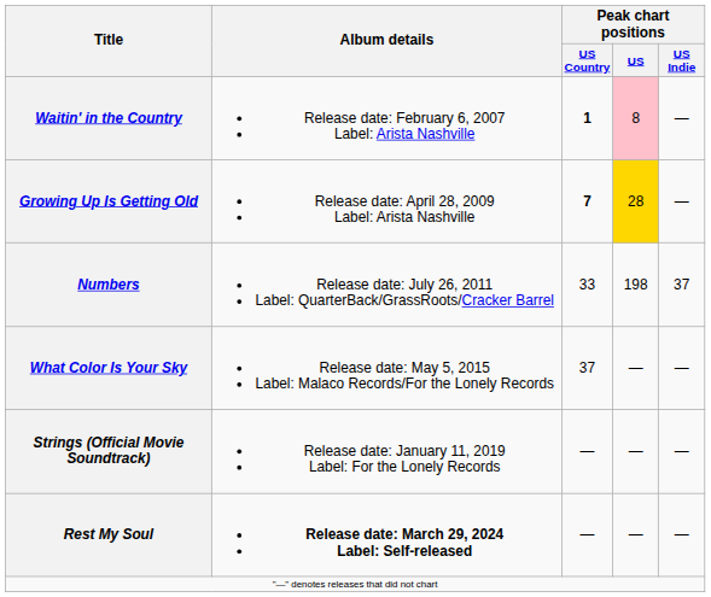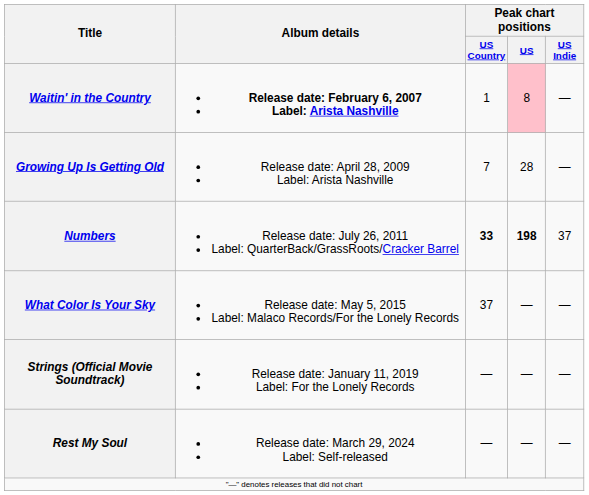 <table class="wikitable plainrowheaders" style="text-align:center;">
 <tr>
 <th rowspan="2" style="width:14em;">Title</th>
 <th rowspan="2" style="width:24em;">Album details</th>
 <th colspan="3">Peak chart positions</th>
 </tr>
 <tr style="font-size:smaller;">
 <th style="width:45px;"><a href='#'>US Country</a></th>
 <th style="width:45px;"><a href='#'>US</a></th>
 <th style="width:45px;"><a href='#'>US Indie</a></th>
 </tr>
 <tr>
 <th scope="row"><em><a href='#'>Waitin' in the Country</a></em></th>
-<td><br><ul><li>Release date: February 6, 2007</li><li>Label: <a href='#'>Arista Nashville</a></li></ul></td>
-<td><strong>1</strong></td>
+<td><strong><br><ul><li>Release date: February 6, 2007</li><li>Label: <a href='#'>Arista Nashville</a></li></ul></strong></td>
+<td>1</td>
 <td style="background: pink;">8</td>
 <td>—</td>
 </tr>
 <tr>
 <th scope="row"><em><a href='#'>Growing Up Is Getting Old</a></em></th>
 <td><br><ul><li>Release date: April 28, 2009</li><li>Label: Arista Nashville</li></ul></td>
-<td><strong>7</strong></td>
-<td style="background: gold;">28</td>
+<td>7</td>
+<td>28</td>
 <td>—</td>
 </tr>
 <tr>
 <th scope="row"><em><a href='#'>Numbers</a></em></th>
 <td><br><ul><li>Release date: July 26, 2011</li><li>Label: QuarterBack/GrassRoots/<a href='#'>Cracker Barrel</a></li></ul></td>
-<td>33</td>
-<td>198</td>
+<td><strong>33</strong></td>
+<td><strong>198</strong></td>
 <td>37</td>
 </tr>
 <tr>
 <th scope="row"><em><a href='#'>What Color Is Your Sky</a></em></th>
 <td><br><ul><li>Release date: May 5, 2015</li><li>Label: Malaco Records/For the Lonely Records</li></ul></td>
 <td>37</td>
 <td>—</td>
 <td>—</td>
 </tr>
 <tr>
 <th scope="row"><em>Strings (Official Movie Soundtrack)</em></th>
 <td><br><ul><li>Release date: January 11, 2019</li><li>Label: For the Lonely Records</li></ul></td>
 <td>—</td>
 <td>—</td>
 <td>—</td>
 </tr>
 <tr>
 <th scope="row"><em>Rest My Soul</em></th>
-<td><strong><br><ul><li>Release date: March 29, 2024</li><li>Label: Self-released</li></ul></strong></td>
+<td><br><ul><li>Release date: March 29, 2024</li><li>Label: Self-released</li></ul></td>
 <td>—</td>
 <td>—</td>
 <td>—</td>
 </tr>
 <tr>
 <td colspan="6" style="font-size:8pt">"—" denotes releases that did not chart</td>
 </tr>
 </table>
